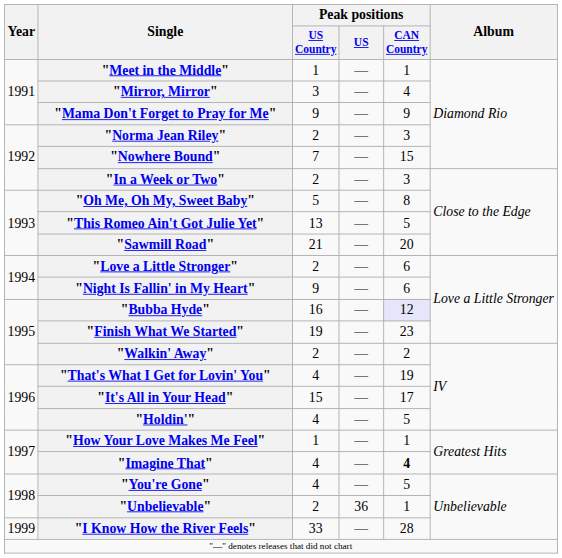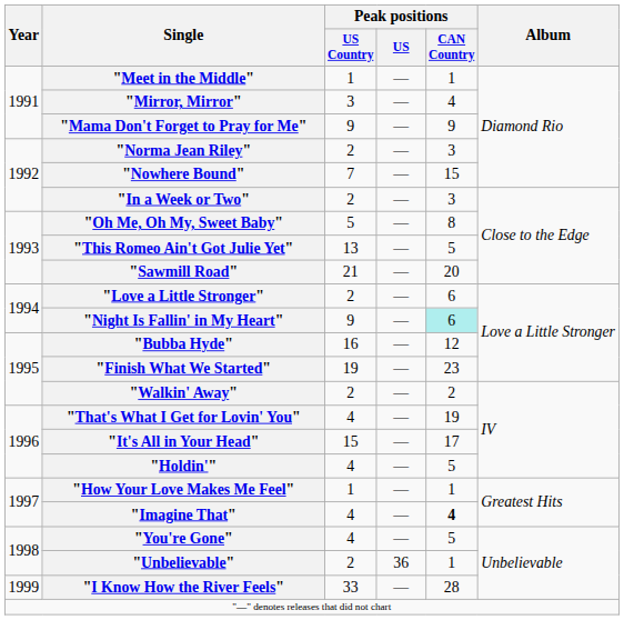 <table class="wikitable plainrowheaders" style="text-align:center;">
 <tr>
 <th rowspan="2">Year</th>
 <th rowspan="2" style="width:18em;">Single</th>
 <th colspan="3">Peak positions</th>
 <th rowspan="2">Album</th>
 </tr>
 <tr style="font-size:smaller;">
 <th width="45"><a href='#'>US Country</a><br></th>
 <th width="45"><a href='#'>US</a><br></th>
 <th width="45"><a href='#'>CAN Country</a><br></th>
 </tr>
 <tr>
 <td rowspan="3">1991</td>
 <th scope="row">"<a href='#'>Meet in the Middle</a>"</th>
 <td>1</td>
 <td>—</td>
 <td>1</td>
 <td align="left" rowspan="5"><em>Diamond Rio</em></td>
 </tr>
 <tr>
 <th scope="row">"<a href='#'>Mirror, Mirror</a>"</th>
 <td>3</td>
 <td>—</td>
 <td>4</td>
 </tr>
 <tr>
 <th scope="row">"<a href='#'>Mama Don't Forget to Pray for Me</a>"</th>
 <td>9</td>
 <td>—</td>
 <td>9</td>
 </tr>
 <tr>
 <td rowspan="3">1992</td>
 <th scope="row">"<a href='#'>Norma Jean Riley</a>"</th>
 <td>2</td>
 <td>—</td>
 <td>3</td>
 </tr>
 <tr>
 <th scope="row">"<a href='#'>Nowhere Bound</a>"</th>
 <td>7</td>
 <td>—</td>
 <td>15</td>
 </tr>
 <tr>
 <th scope="row">"<a href='#'>In a Week or Two</a>"</th>
 <td>2</td>
 <td>—</td>
 <td>3</td>
 <td align="left" rowspan="4"><em>Close to the Edge</em></td>
 </tr>
 <tr>
 <td rowspan="3">1993</td>
 <th scope="row">"<a href='#'>Oh Me, Oh My, Sweet Baby</a>"</th>
 <td>5</td>
 <td>—</td>
 <td>8</td>
 </tr>
 <tr>
 <th scope="row">"<a href='#'>This Romeo Ain't Got Julie Yet</a>"</th>
 <td>13</td>
 <td>—</td>
 <td>5</td>
 </tr>
 <tr>
 <th scope="row">"<a href='#'>Sawmill Road</a>"</th>
 <td>21</td>
 <td>—</td>
 <td>20</td>
 </tr>
 <tr>
 <td rowspan="2">1994</td>
 <th scope="row">"<a href='#'>Love a Little Stronger</a>"</th>
 <td>2</td>
 <td>—</td>
 <td>6</td>
 <td align="left" rowspan="4"><em>Love a Little Stronger</em></td>
 </tr>
 <tr>
 <th scope="row">"<a href='#'>Night Is Fallin' in My Heart</a>"</th>
 <td>9</td>
 <td>—</td>
-<td>6</td>
+<td style="background: paleturquoise;">6</td>
 </tr>
 <tr>
 <td rowspan="3">1995</td>
 <th scope="row">"<a href='#'>Bubba Hyde</a>"</th>
 <td>16</td>
 <td>—</td>
-<td style="background: lavender;">12</td>
+<td>12</td>
 </tr>
 <tr>
 <th scope="row">"<a href='#'>Finish What We Started</a>"</th>
 <td>19</td>
 <td>—</td>
 <td>23</td>
 </tr>
 <tr>
 <th scope="row">"<a href='#'>Walkin' Away</a>"</th>
 <td>2</td>
 <td>—</td>
 <td>2</td>
 <td align="left" rowspan="4"><em>IV</em></td>
 </tr>
 <tr>
 <td rowspan="3">1996</td>
 <th scope="row">"<a href='#'>That's What I Get for Lovin' You</a>"</th>
 <td>4</td>
 <td>—</td>
 <td>19</td>
 </tr>
 <tr>
 <th scope="row">"<a href='#'>It's All in Your Head</a>"</th>
 <td>15</td>
 <td>—</td>
 <td>17</td>
 </tr>
 <tr>
 <th scope="row">"<a href='#'>Holdin'</a>"</th>
 <td>4</td>
 <td>—</td>
 <td>5</td>
 </tr>
 <tr>
 <td rowspan="2">1997</td>
 <th scope="row">"<a href='#'>How Your Love Makes Me Feel</a>"</th>
 <td>1</td>
 <td>—</td>
 <td>1</td>
 <td align="left" rowspan="2"><em>Greatest Hits</em></td>
 </tr>
 <tr>
 <th scope="row">"<a href='#'>Imagine That</a>"</th>
 <td>4</td>
 <td>—</td>
 <td><strong>4</strong></td>
 </tr>
 <tr>
 <td rowspan="2">1998</td>
 <th scope="row">"<a href='#'>You're Gone</a>"</th>
 <td>4</td>
 <td>—</td>
 <td>5</td>
 <td align="left" rowspan="3"><em>Unbelievable</em></td>
 </tr>
 <tr>
 <th scope="row">"<a href='#'>Unbelievable</a>"</th>
 <td>2</td>
 <td>36</td>
 <td>1</td>
 </tr>
 <tr>
 <td>1999</td>
 <th scope="row">"<a href='#'>I Know How the River Feels</a>"</th>
 <td>33</td>
 <td>—</td>
 <td>28</td>
 </tr>
 <tr>
 <td colspan="6" style="font-size:8pt">"—" denotes releases that did not chart</td>
 </tr>
 </table>
